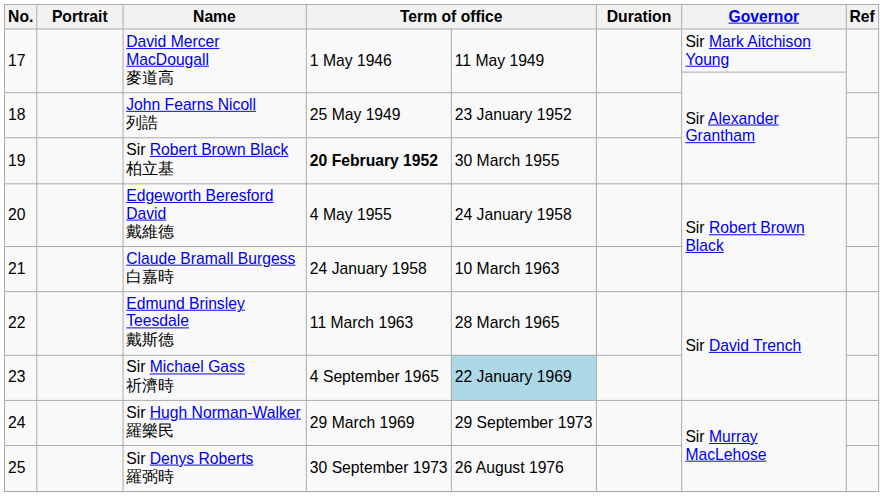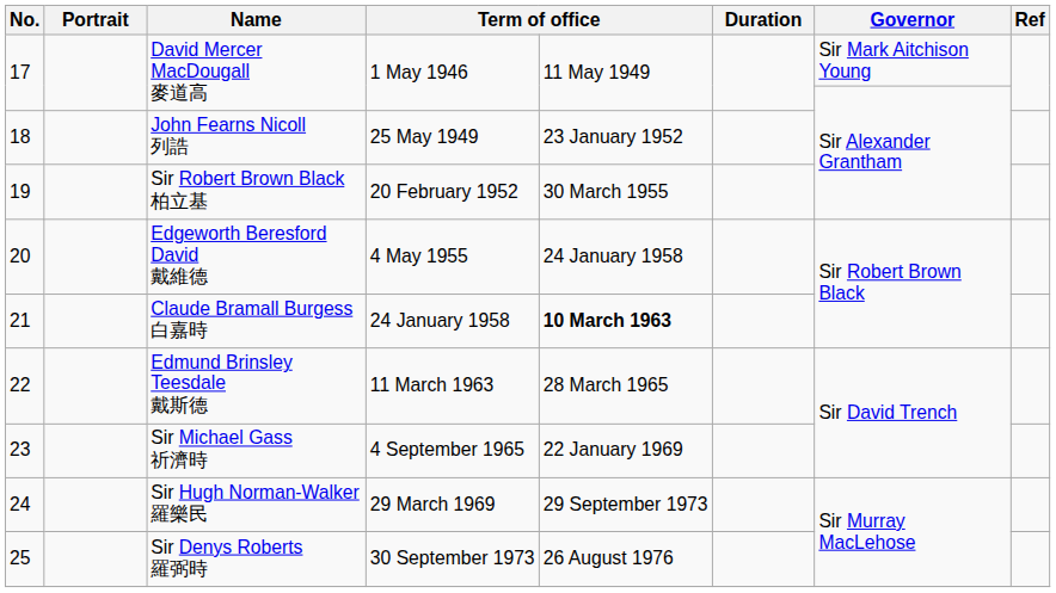 <table class="wikitable"  style="text-align:left">
 <tr>
 <th width=10px>No.</th>
 <th width=80px>Portrait</th>
 <th width=180px>Name</th>
 <th width=180px colspan=2>Term of office</th>
 <th width=80px>Duration</th>
 <th width=160px><a href='#'>Governor</a></th>
 <th>Ref</th>
 </tr>
 <tr>
 <td rowspan=2>17</td>
 <td rowspan=2></td>
 <td rowspan=2><a href='#'>David Mercer MacDougall</a><br>麥道高</td>
 <td rowspan=2>1 May 1946</td>
 <td rowspan=2>11 May 1949</td>
 <td rowspan=2></td>
 <td>Sir <a href='#'>Mark Aitchison Young</a><br></td>
 <td rowspan=2></td>
 </tr>
 <tr>
 <td rowspan=4>Sir <a href='#'>Alexander Grantham</a><br></td>
 </tr>
 <tr>
 <td>18</td>
 <td></td>
 <td><a href='#'>John Fearns Nicoll</a><br>列誥</td>
 <td>25 May 1949</td>
 <td>23 January 1952</td>
 <td></td>
 <td></td>
 </tr>
 <tr>
 <td>19</td>
 <td></td>
 <td>Sir <a href='#'>Robert Brown Black</a><br>柏立基</td>
-<td><strong>20 February 1952</strong></td>
+<td>20 February 1952</td>
 <td>30 March 1955</td>
 <td></td>
 <td></td>
 </tr>
 <tr>
 <td rowspan=2>20</td>
 <td rowspan=2></td>
 <td rowspan=2><a href='#'>Edgeworth Beresford David</a><br>戴維德</td>
 <td rowspan=2>4 May 1955</td>
 <td rowspan=2>24 January 1958</td>
 <td rowspan=2></td>
 <td rowspan=2></td>
 </tr>
 <tr>
 <td rowspan=3>Sir <a href='#'>Robert Brown Black</a><br></td>
 </tr>
 <tr>
 <td>21</td>
 <td></td>
 <td><a href='#'>Claude Bramall Burgess</a><br>白嘉時</td>
 <td>24 January 1958</td>
-<td>10 March 1963</td>
+<td><strong>10 March 1963</strong></td>
 <td></td>
 <td></td>
 </tr>
 <tr>
 <td rowspan=2>22</td>
 <td rowspan=2></td>
 <td rowspan=2><a href='#'>Edmund Brinsley Teesdale</a><br>戴斯德</td>
 <td rowspan=2>11 March 1963</td>
 <td rowspan=2>28 March 1965</td>
 <td rowspan=2></td>
 <td rowspan=2></td>
 </tr>
 <tr>
 <td rowspan=3>Sir <a href='#'>David Trench</a><br></td>
 </tr>
 <tr>
 <td>23</td>
 <td></td>
 <td>Sir <a href='#'>Michael Gass</a><br>祈濟時</td>
 <td>4 September 1965</td>
-<td style="background: lightblue;">22 January 1969</td>
+<td>22 January 1969</td>
 <td></td>
 <td></td>
 </tr>
 <tr>
 <td rowspan=2>24</td>
 <td rowspan=2></td>
 <td rowspan=2>Sir <a href='#'>Hugh Norman-Walker</a><br>羅樂民</td>
 <td rowspan=2>29 March 1969</td>
 <td rowspan=2>29 September 1973</td>
 <td rowspan=2></td>
 <td rowspan=2></td>
 </tr>
 <tr>
 <td rowspan=2>Sir <a href='#'>Murray MacLehose</a><br></td>
 </tr>
 <tr>
 <td>25</td>
 <td></td>
 <td>Sir <a href='#'>Denys Roberts</a><br>羅弼時</td>
 <td>30 September 1973</td>
 <td>26 August 1976</td>
 <td></td>
 <td></td>
 </tr>
 <tr>
 </tr>
 </table>
